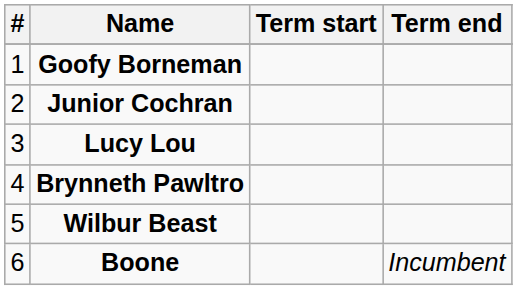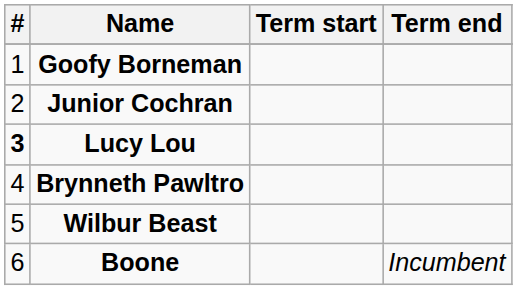 <table class="wikitable sortable">
 <tr>
 <th align=center>#</th>
 <th>Name</th>
 <th>Term start</th>
 <th>Term end</th>
 </tr>
 <tr>
 </tr>
 <tr>
 <td align=center>1</td>
 <td align=center><strong>Goofy Borneman</strong></td>
 <td align=center></td>
 <td align=center></td>
 </tr>
 <tr>
 <td align=center>2</td>
 <td align=center><strong>Junior Cochran</strong></td>
 <td align=center></td>
 <td align=center></td>
 </tr>
 <tr>
-<td align=center>3</td>
+<td align=center><strong>3</strong></td>
 <td align=center><strong>Lucy Lou</strong></td>
 <td align=center></td>
 <td align=center></td>
 </tr>
 <tr>
 <td align=center>4</td>
 <td align=center><strong>Brynneth Pawltro</strong></td>
 <td align=center></td>
 <td align=center></td>
 </tr>
 <tr>
 <td align=center>5</td>
 <td align=center><strong>Wilbur Beast</strong></td>
 <td align=center></td>
 <td align=center></td>
 </tr>
 <tr>
 <td align=center>6</td>
 <td align=center><strong>Boone</strong></td>
 <td align=center></td>
 <td align=center><em>Incumbent</em></td>
 </tr>
 </table>
